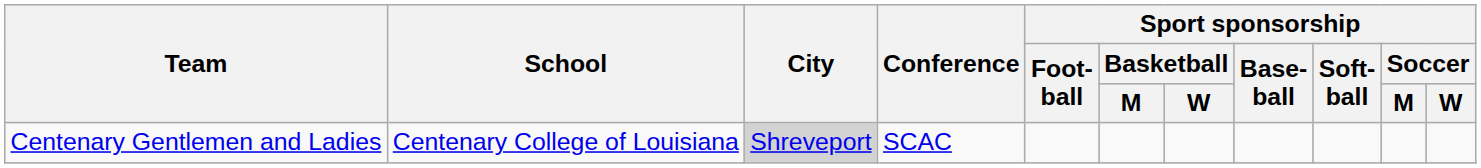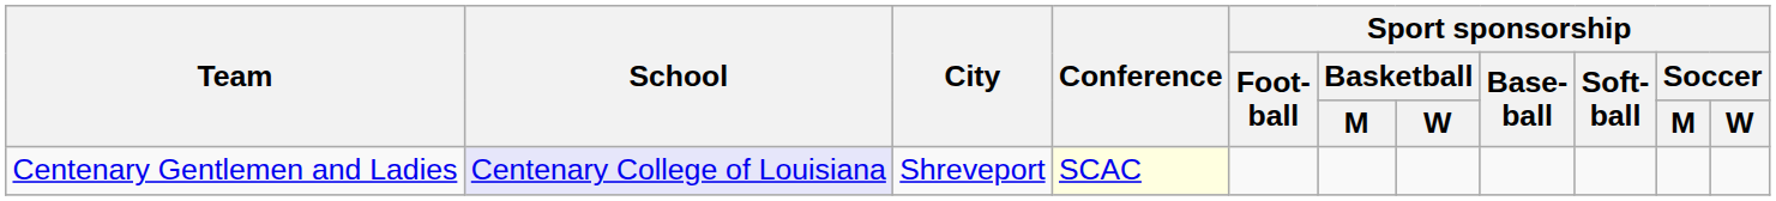 <table class="sortable wikitable">
 <tr>
 <th rowspan=3>Team</th>
 <th rowspan=3>School</th>
 <th rowspan=3>City</th>
 <th rowspan=3>Conference</th>
 <th colspan=7>Sport sponsorship</th>
 </tr>
 <tr>
 <th rowspan=2>Foot-<br>ball</th>
 <th colspan=2>Basketball</th>
 <th rowspan=2>Base-<br>ball</th>
 <th rowspan=2>Soft-<br>ball</th>
 <th colspan=2>Soccer</th>
 </tr>
 <tr>
 <th>M</th>
 <th>W</th>
 <th>M</th>
 <th>W</th>
 </tr>
 <tr>
 <td><a href='#'>Centenary Gentlemen and Ladies</a></td>
-<td><a href='#'>Centenary College of Louisiana</a></td>
-<td style="background: lightgrey;"><a href='#'>Shreveport</a></td>
-<td><a href='#'>SCAC</a></td>
+<td style="background: lavender;"><a href='#'>Centenary College of Louisiana</a></td>
+<td><a href='#'>Shreveport</a></td>
+<td style="background: lightyellow;"><a href='#'>SCAC</a></td>
 <td></td>
 <td></td>
 <td></td>
 <td></td>
 <td></td>
 <td></td>
 <td></td>
 </tr>
 </table>
